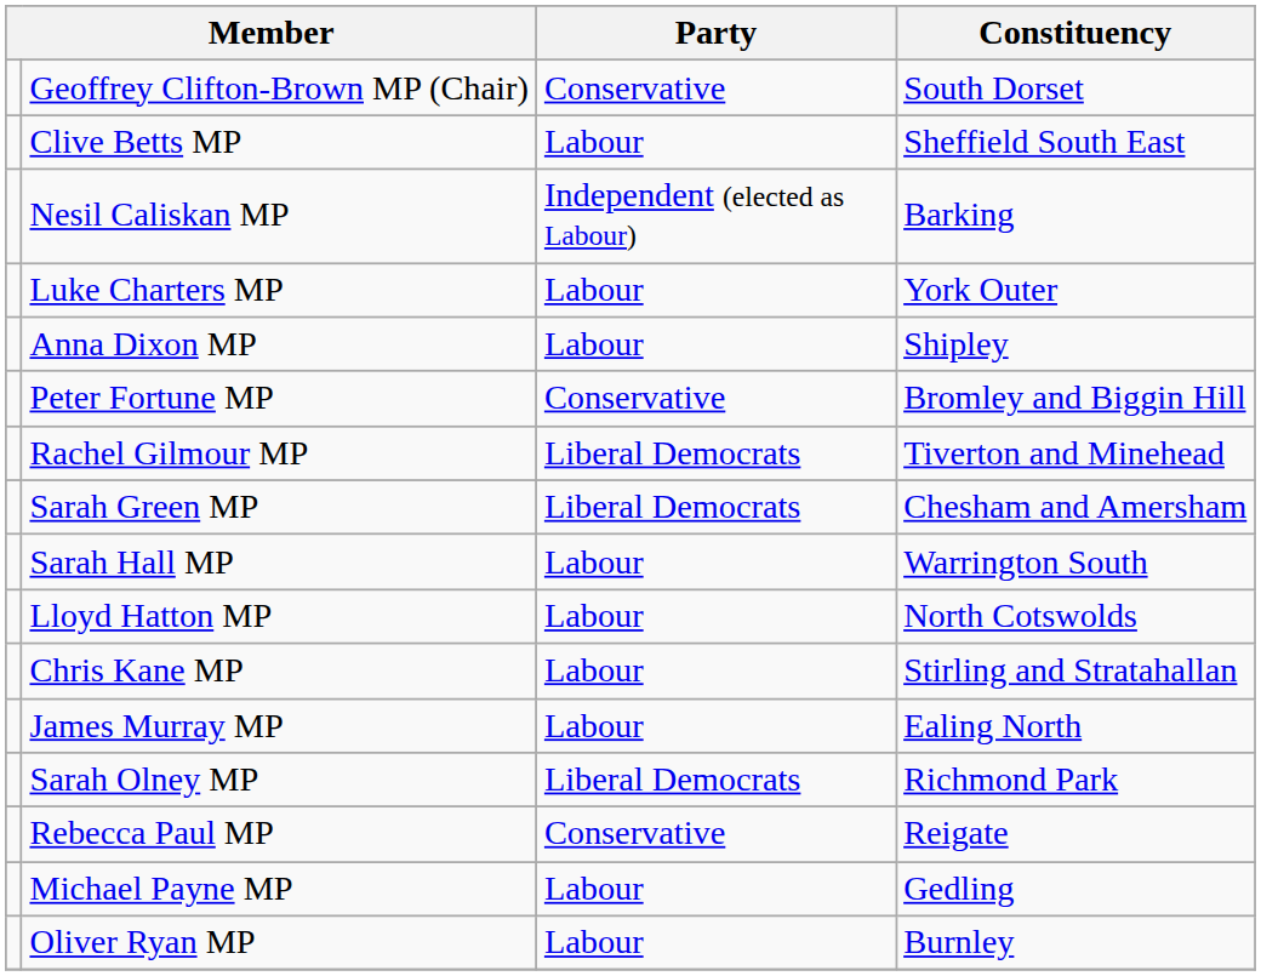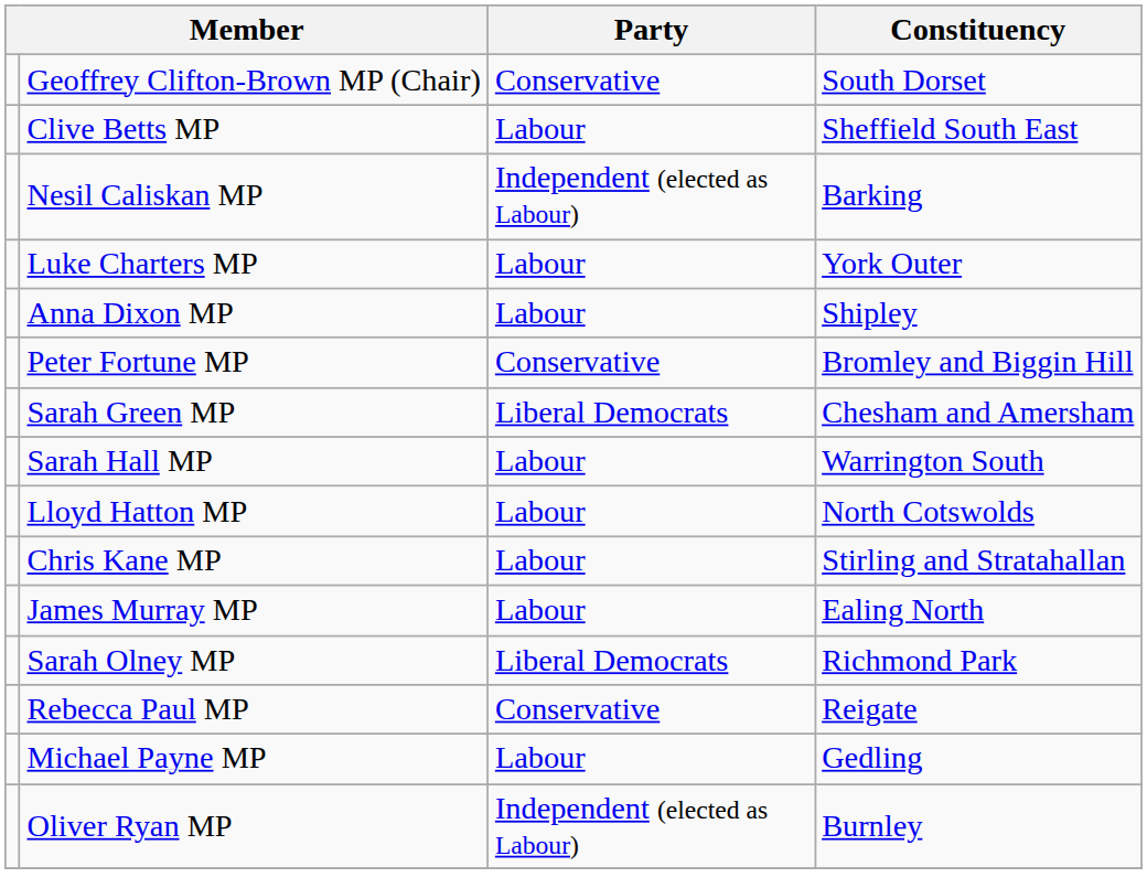 <table class="wikitable">
 <tr>
 <th width="160px" colspan="2" valign="top">Member</th>
 <th width="160px" valign="top">Party</th>
 <th valign="top">Constituency</th>
 </tr>
 <tr>
 <td style="color:inherit;background:"></td>
 <td><a href='#'>Geoffrey Clifton-Brown</a> MP (Chair)</td>
 <td><a href='#'>Conservative</a></td>
 <td><a href='#'>South Dorset</a></td>
 </tr>
 <tr>
 <td style="color:inherit;background:"></td>
 <td><a href='#'>Clive Betts</a> MP</td>
 <td><a href='#'>Labour</a></td>
 <td><a href='#'>Sheffield South East</a></td>
 </tr>
 <tr>
 <td style="color:inherit;background:"></td>
 <td><a href='#'>Nesil Caliskan</a> MP</td>
 <td><a href='#'>Independent</a> <small>(elected as <a href='#'>Labour</a>)</small></td>
 <td><a href='#'>Barking</a></td>
 </tr>
 <tr>
 <td style="color:inherit;background:"></td>
 <td><a href='#'>Luke Charters</a> MP</td>
 <td><a href='#'>Labour</a></td>
 <td><a href='#'>York Outer</a></td>
 </tr>
 <tr>
 <td style="color:inherit;background:"></td>
 <td><a href='#'>Anna Dixon</a> MP</td>
 <td><a href='#'>Labour</a></td>
 <td><a href='#'>Shipley</a></td>
 </tr>
 <tr>
 <td style="color:inherit;background:"></td>
 <td><a href='#'>Peter Fortune</a> MP</td>
 <td><a href='#'>Conservative</a></td>
 <td><a href='#'>Bromley and Biggin Hill</a></td>
-</tr>
-<tr>
-<td style="color:inherit;background:"></td>
-<td><a href='#'>Rachel Gilmour</a> MP</td>
-<td><a href='#'>Liberal Democrats</a></td>
-<td><a href='#'>Tiverton and Minehead</a></td>
 </tr>
 <tr>
 <td style="color:inherit;background:"></td>
 <td><a href='#'>Sarah Green</a> MP</td>
 <td><a href='#'>Liberal Democrats</a></td>
 <td><a href='#'>Chesham and Amersham</a></td>
 </tr>
 <tr>
 <td style="color:inherit;background:"></td>
 <td><a href='#'>Sarah Hall</a> MP</td>
 <td><a href='#'>Labour</a></td>
 <td><a href='#'>Warrington South</a></td>
 </tr>
 <tr>
 <td style="color:inherit;background:"></td>
 <td><a href='#'>Lloyd Hatton</a> MP</td>
 <td><a href='#'>Labour</a></td>
 <td><a href='#'>North Cotswolds</a></td>
 </tr>
 <tr>
 <td style="color:inherit;background:"></td>
 <td><a href='#'>Chris Kane</a> MP</td>
 <td><a href='#'>Labour</a></td>
 <td><a href='#'>Stirling and Stratahallan</a></td>
 </tr>
 <tr>
 <td style="color:inherit;background:"></td>
 <td><a href='#'>James Murray</a> MP</td>
 <td><a href='#'>Labour</a></td>
 <td><a href='#'>Ealing North</a></td>
 </tr>
 <tr>
 <td style="color:inherit;background:"></td>
 <td><a href='#'>Sarah Olney</a> MP</td>
 <td><a href='#'>Liberal Democrats</a></td>
 <td><a href='#'>Richmond Park</a></td>
 </tr>
 <tr>
 <td style="color:inherit;background:"></td>
 <td><a href='#'>Rebecca Paul</a> MP</td>
 <td><a href='#'>Conservative</a></td>
 <td><a href='#'>Reigate</a></td>
 </tr>
 <tr>
 <td style="color:inherit;background:"></td>
 <td><a href='#'>Michael Payne</a> MP</td>
 <td><a href='#'>Labour</a></td>
 <td><a href='#'>Gedling</a></td>
 </tr>
 <tr>
 <td style="color:inherit;background:"></td>
 <td><a href='#'>Oliver Ryan</a> MP</td>
-<td><a href='#'>Labour</a></td>
+<td><a href='#'>Independent</a> <small>(elected as <a href='#'>Labour</a>)</small></td>
 <td><a href='#'>Burnley</a></td>
 </tr>
 <tr>
 </tr>
 </table>
